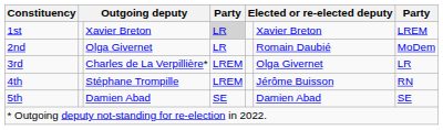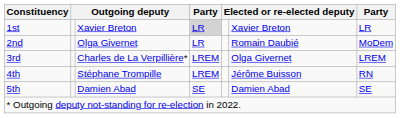 <table class="wikitable">
 <tr>
 <th>Constituency</th>
 <th colspan="2">Outgoing deputy</th>
 <th>Party</th>
 <th colspan="2">Elected or re-elected deputy</th>
 <th>Party</th>
 </tr>
 <tr>
 <td><a href='#'>1st</a></td>
 <td style="background:"></td>
 <td><a href='#'>Xavier Breton</a></td>
 <td style="background: lightgrey;"><a href='#'>LR</a></td>
 <td style="background:"></td>
 <td><a href='#'>Xavier Breton</a></td>
-<td><a href='#'>LREM</a></td>
+<td><a href='#'>LR</a></td>
 </tr>
 <tr>
 <td><a href='#'>2nd</a></td>
 <td style="background:"></td>
 <td><a href='#'>Olga Givernet</a></td>
 <td><a href='#'>LR</a></td>
 <td style="background:"></td>
 <td><a href='#'>Romain Daubié</a></td>
 <td><a href='#'>MoDem</a></td>
 </tr>
 <tr>
 <td><a href='#'>3rd</a></td>
 <td style="background:"></td>
 <td><a href='#'>Charles de La Verpillière</a>*</td>
 <td><a href='#'>LREM</a></td>
 <td style="background:"></td>
 <td><a href='#'>Olga Givernet</a></td>
-<td><a href='#'>LR</a></td>
+<td><a href='#'>LREM</a></td>
 </tr>
 <tr>
 <td><a href='#'>4th</a></td>
 <td style="background:"></td>
 <td><a href='#'>Stéphane Trompille</a></td>
 <td><a href='#'>LREM</a></td>
 <td style="background:"></td>
 <td><a href='#'>Jérôme Buisson</a></td>
 <td><a href='#'>RN</a></td>
 </tr>
 <tr>
 <td><a href='#'>5th</a></td>
 <td style="background:"></td>
 <td><a href='#'>Damien Abad</a></td>
 <td><a href='#'>SE</a></td>
 <td style="background:"></td>
 <td><a href='#'>Damien Abad</a></td>
 <td><a href='#'>SE</a></td>
 </tr>
 <tr>
 <td colspan="7">* Outgoing <a href='#'>deputy not-standing for re-election</a> in 2022.</td>
 </tr>
 </table>
